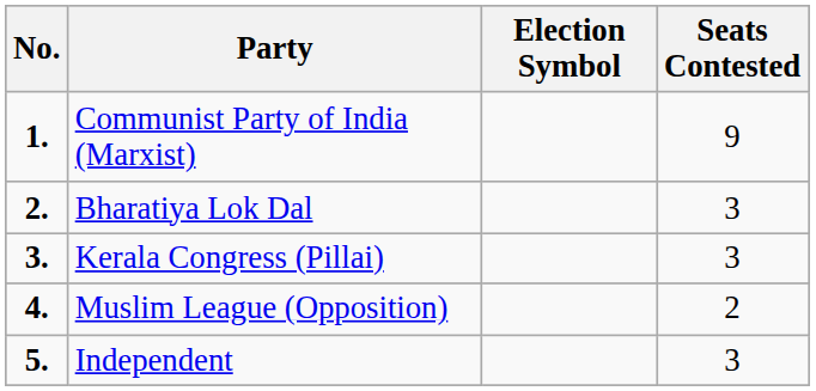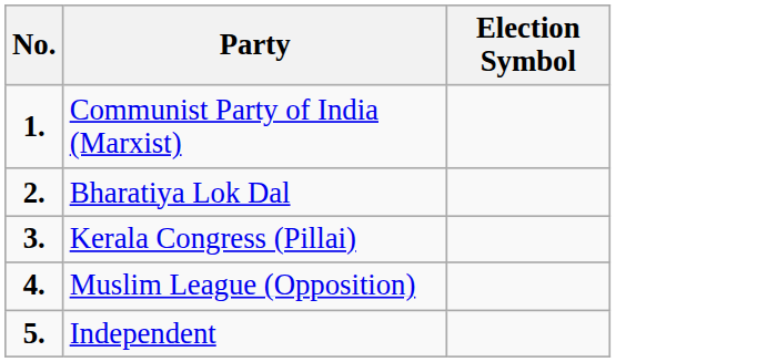 <table class="wikitable">
 <tr>
 <th scope="col" style="width:4px;">No.</th>
 <th scope="col" style="width:200px;">Party</th>
 <th scope="col" style="width:80px;">Election Symbol</th>
-<th scope="col" style="width:60px;">Seats Contested</th>
 </tr>
 <tr style="height: 45px;">
 <td style="text-align:center; background:"><strong>1.</strong></td>
 <td><a href='#'>Communist Party of India (Marxist)</a></td>
 <td></td>
-<td style="text-align:center;">9</td>
 </tr>
 <tr>
 <td style="text-align:center; background:"><strong>2.</strong></td>
 <td><a href='#'>Bharatiya Lok Dal</a></td>
 <td style="text-align:center;"></td>
-<td style="text-align:center;">3</td>
 </tr>
 <tr>
 <td style="text-align:center; background:"><strong>3.</strong></td>
 <td><a href='#'>Kerala Congress (Pillai)</a></td>
 <td style="text-align:center;"></td>
-<td style="text-align:center;">3</td>
 </tr>
 <tr>
 <td style="text-align:center; background:"><strong>4.</strong></td>
 <td><a href='#'>Muslim League (Opposition)</a></td>
 <td style="text-align:center;"></td>
-<td style="text-align:center;">2</td>
 </tr>
 <tr>
 <td style="text-align:center; background:"><strong>5.</strong></td>
 <td><a href='#'>Independent</a></td>
 <td style="text-align:center;"></td>
-<td style="text-align:center;">3</td>
 </tr>
 </table>
